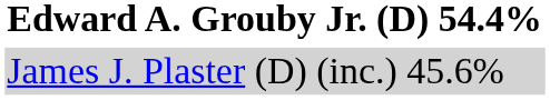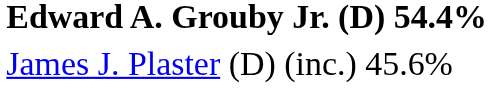 <table>
 <tr>
 <td><strong>Edward A. Grouby Jr. (D) 54.4%</strong></td>
 </tr>
 <tr>
-<td style="background: lightgrey;"><a href='#'>James J. Plaster</a> (D) (inc.) 45.6%</td>
+<td><a href='#'>James J. Plaster</a> (D) (inc.) 45.6%</td>
 </tr>
 </table>
